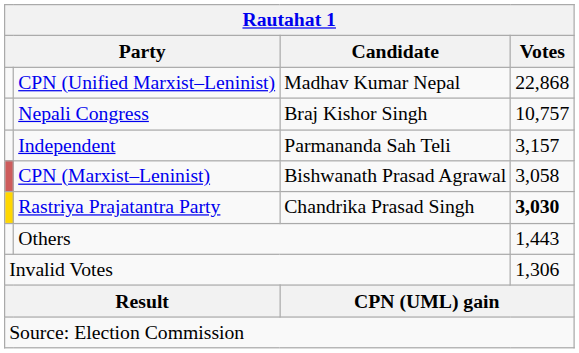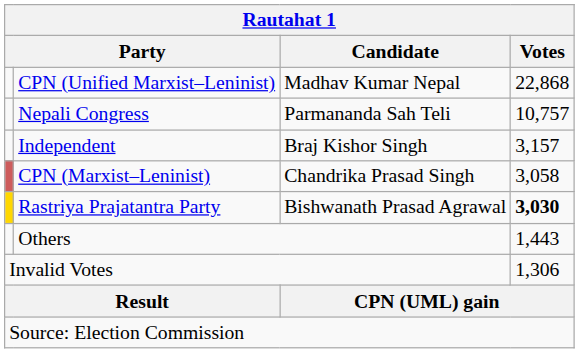 <table class="wikitable">
 <tr>
 <th colspan="4"><a href='#'>Rautahat 1</a></th>
 </tr>
 <tr>
 <th colspan="2">Party</th>
 <th>Candidate</th>
 <th>Votes</th>
 </tr>
 <tr>
 <td style="background-color:"></td>
 <td><a href='#'>CPN (Unified Marxist–Leninist)</a></td>
 <td>Madhav Kumar Nepal</td>
 <td>22,868</td>
 </tr>
 <tr>
 <td style="background-color:"></td>
 <td><a href='#'>Nepali Congress</a></td>
-<td>Braj Kishor Singh</td>
+<td>Parmananda Sah Teli</td>
 <td>10,757</td>
 </tr>
 <tr>
 <td style="background-color:"></td>
 <td><a href='#'>Independent</a></td>
-<td>Parmananda Sah Teli</td>
+<td>Braj Kishor Singh</td>
 <td>3,157</td>
 </tr>
 <tr>
 <td style="background-color:indianred"></td>
 <td><a href='#'>CPN (Marxist–Leninist)</a></td>
-<td>Bishwanath Prasad Agrawal</td>
+<td>Chandrika Prasad Singh</td>
 <td>3,058</td>
 </tr>
 <tr>
 <td style="background-color:gold"></td>
 <td><a href='#'>Rastriya Prajatantra Party</a></td>
-<td>Chandrika Prasad Singh</td>
+<td>Bishwanath Prasad Agrawal</td>
 <td><strong>3,030</strong></td>
 </tr>
 <tr>
 <td></td>
 <td colspan="2">Others</td>
 <td>1,443</td>
 </tr>
 <tr>
 <td colspan="3">Invalid Votes</td>
 <td>1,306</td>
 </tr>
 <tr>
 <th colspan="2">Result</th>
 <th colspan="2">CPN (UML) gain</th>
 </tr>
 <tr>
 <td colspan="4">Source: Election Commission</td>
 </tr>
 </table>
